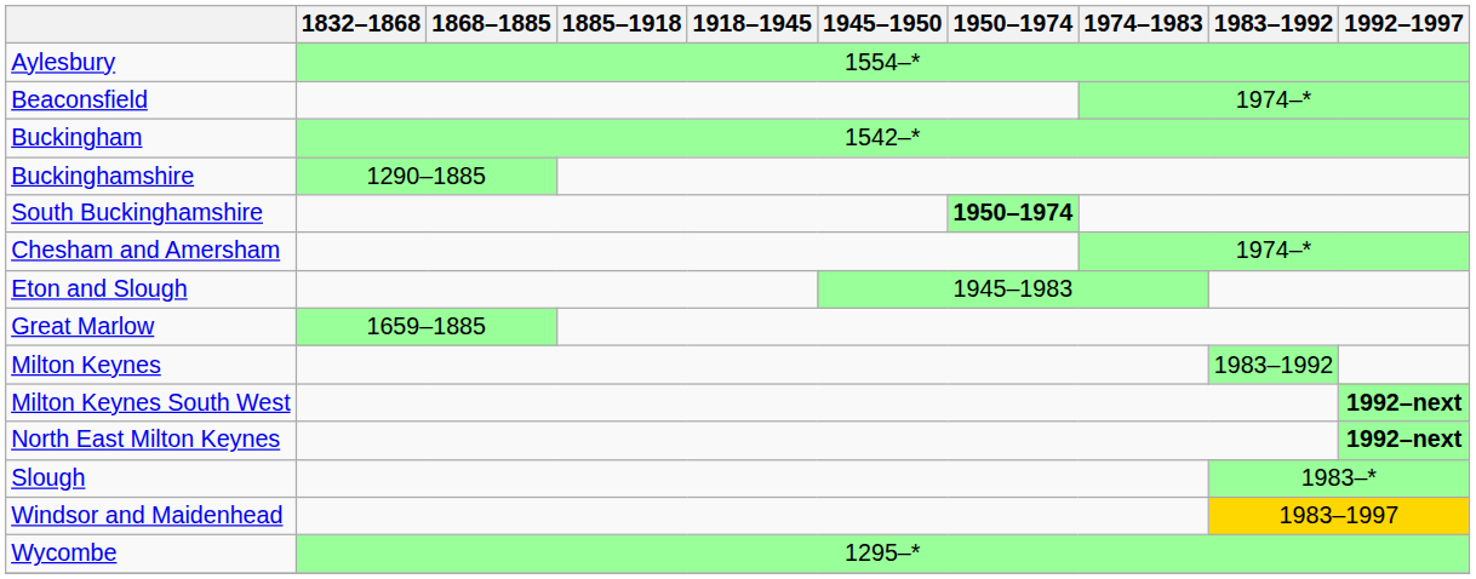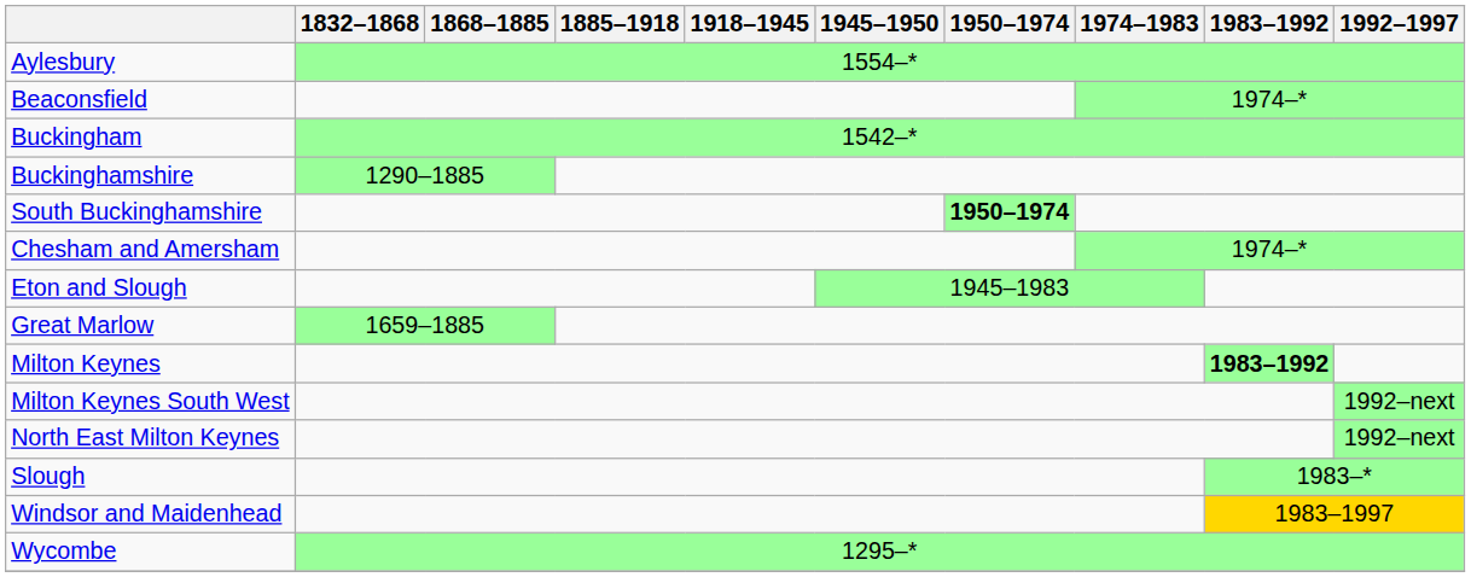 <table class="wikitable">
 <tr>
 <th> </th>
 <th>1832–1868</th>
 <th>1868–1885</th>
 <th>1885–1918</th>
 <th>1918–1945</th>
 <th>1945–1950</th>
 <th>1950–1974</th>
 <th>1974–1983</th>
 <th>1983–1992</th>
 <th>1992–1997</th>
 </tr>
 <tr>
 <td><a href='#'>Aylesbury</a></td>
 <td colspan="9" align="center" bgcolor="#99FF99">1554–*</td>
 </tr>
 <tr>
 <td><a href='#'>Beaconsfield</a></td>
 <td colspan="6"> </td>
 <td colspan="3" align="center" bgcolor="#99FF99">1974–*</td>
 </tr>
 <tr>
 <td><a href='#'>Buckingham</a></td>
 <td colspan="9" align="center" bgcolor="#99FF99">1542–*</td>
 </tr>
 <tr>
 <td><a href='#'>Buckinghamshire</a></td>
 <td colspan="2" align="center" bgcolor="#99FF99">1290–1885</td>
 <td colspan="7"> </td>
 </tr>
 <tr>
 <td><a href='#'>South Buckinghamshire</a></td>
 <td colspan="5"> </td>
 <td colspan="1" align="center" bgcolor="#99FF99"><strong>1950–1974</strong></td>
 <td colspan="3"> </td>
 </tr>
 <tr>
 <td><a href='#'>Chesham and Amersham</a></td>
 <td colspan="6"> </td>
 <td colspan="3" align="center" bgcolor="#99FF99">1974–*</td>
 </tr>
 <tr>
 <td><a href='#'>Eton and Slough</a></td>
 <td colspan="4"> </td>
 <td colspan="3" align="center" bgcolor="#99FF99">1945–1983</td>
 <td colspan="2"> </td>
 </tr>
 <tr>
 <td><a href='#'>Great Marlow</a></td>
 <td colspan="2" align="center" bgcolor="#99FF99">1659–1885</td>
 <td colspan="7"> </td>
 </tr>
 <tr>
 <td><a href='#'>Milton Keynes</a></td>
 <td colspan="7"> </td>
-<td colspan="1" align="center" bgcolor="#99FF99">1983–1992</td>
+<td colspan="1" align="center" bgcolor="#99FF99"><strong>1983–1992</strong></td>
 <td colspan="1"> </td>
 </tr>
 <tr>
 <td><a href='#'>Milton Keynes South West</a></td>
 <td colspan="8"> </td>
-<td colspan="1" align="center" bgcolor="#99FF99"><strong>1992–next</strong></td>
+<td colspan="1" align="center" bgcolor="#99FF99">1992–next</td>
 </tr>
 <tr>
 <td><a href='#'>North East Milton Keynes</a></td>
 <td colspan="8"> </td>
-<td colspan="1" align="center" bgcolor="#99FF99"><strong>1992–next</strong></td>
+<td colspan="1" align="center" bgcolor="#99FF99">1992–next</td>
 </tr>
 <tr>
 <td><a href='#'>Slough</a></td>
 <td colspan="7"> </td>
 <td colspan="2" align="center" bgcolor="#99FF99">1983–*</td>
 </tr>
 <tr>
 <td><a href='#'>Windsor and Maidenhead</a></td>
 <td colspan="7"> </td>
 <td colspan="2" align="center" bgcolor="#ffd700">1983–1997</td>
 </tr>
 <tr>
 <td><a href='#'>Wycombe</a></td>
 <td colspan="9" align="center" bgcolor="#99FF99">1295–*</td>
 </tr>
 <tr>
 </tr>
 </table>
